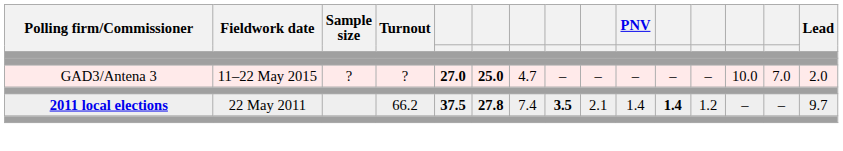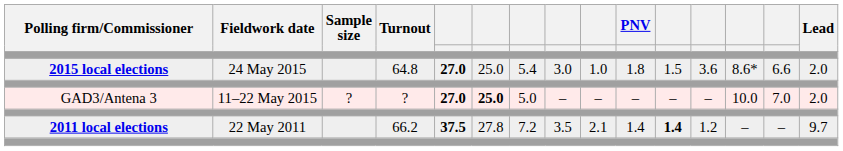 <table class="wikitable collapsible" style="text-align:center; font-size:95%; line-height:16px;">
 <tr style="height:42px;">
 <th style="width:250px;" rowspan="2">Polling firm/Commissioner</th>
 <th style="width:125px;" rowspan="2">Fieldwork date</th>
 <th style="width:50px;" rowspan="2">Sample size</th>
 <th style="width:45px;" rowspan="2">Turnout</th>
 <th style="width:35px;"></th>
 <th style="width:35px;"></th>
 <th style="width:35px;"></th>
 <th style="width:35px;"></th>
 <th style="width:35px;"></th>
 <th style="width:35px;"><a href='#'>PNV</a></th>
 <th style="width:35px;"></th>
 <th style="width:35px;"></th>
 <th style="width:35px;"></th>
 <th style="width:35px;"></th>
 <th style="width:30px;" rowspan="2">Lead</th>
 </tr>
 <tr>
 <th style="color:inherit;background:"></th>
 <th style="color:inherit;background:"></th>
 <th style="color:inherit;background:"></th>
 <th style="color:inherit;background:"></th>
 <th style="color:inherit;background:"></th>
 <th style="color:inherit;background:"></th>
 <th style="color:inherit;background:"></th>
 <th style="color:inherit;background:"></th>
 <th style="color:inherit;background:"></th>
 <th style="color:inherit;background:"></th>
 </tr>
 <tr>
 <td colspan="15" style="background:#A0A0A0"></td>
 </tr>
+<tr style="background:#EFEFEF;">
+<td><strong><a href='#'>2015 local elections</a></strong></td>
+<td>24 May 2015</td>
+<td></td>
+<td>64.8</td>
+<td><strong>27.0</strong></td>
+<td>25.0</td>
+<td>5.4</td>
+<td>3.0</td>
+<td>1.0</td>
+<td>1.8</td>
+<td>1.5</td>
+<td>3.6</td>
+<td>8.6*</td>
+<td>6.6</td>
+<td style="background:">2.0</td>
+</tr>
 <tr>
 <td colspan="15" style="background:#A0A0A0"></td>
 </tr>
 <tr style="background:#FFEAEA;">
 <td>GAD3/Antena 3</td>
 <td>11–22 May 2015</td>
 <td>?</td>
 <td>?</td>
 <td><strong>27.0</strong></td>
 <td><strong>25.0</strong></td>
-<td>4.7</td>
+<td>5.0</td>
 <td>–</td>
 <td>–</td>
 <td>–</td>
 <td>–</td>
 <td>–</td>
 <td>10.0</td>
 <td>7.0</td>
 <td style="background:">2.0</td>
 </tr>
 <tr>
 <td colspan="15" style="background:#A0A0A0"></td>
 </tr>
 <tr style="background:#EFEFEF;">
 <td><strong><a href='#'>2011 local elections</a></strong></td>
 <td>22 May 2011</td>
 <td></td>
 <td>66.2</td>
 <td><strong>37.5</strong></td>
-<td><strong>27.8</strong></td>
-<td>7.4</td>
-<td><strong>3.5</strong></td>
+<td>27.8</td>
+<td>7.2</td>
+<td>3.5</td>
 <td>2.1</td>
 <td>1.4</td>
 <td><strong>1.4</strong></td>
 <td>1.2</td>
 <td>–</td>
 <td>–</td>
 <td style="background:">9.7</td>
 </tr>
 <tr>
 <td colspan="15" style="background:#A0A0A0"></td>
 </tr>
 </table>
